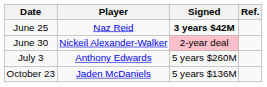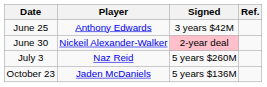 <table class="wikitable sortable sortable" style="text-align: center">
 <tr>
 <th>Date</th>
 <th>Player</th>
 <th>Signed</th>
 <th>Ref.</th>
 </tr>
 <tr>
 <td>June 25</td>
-<td><a href='#'>Naz Reid</a></td>
-<td><strong>3 years $42M</strong></td>
+<td><a href='#'>Anthony Edwards</a></td>
+<td>3 years $42M</td>
 <td></td>
 </tr>
 <tr>
 <td>June 30</td>
 <td><a href='#'>Nickeil Alexander-Walker</a></td>
 <td style="background: pink;">2-year deal</td>
 <td></td>
 </tr>
 <tr>
 <td>July 3</td>
-<td><a href='#'>Anthony Edwards</a></td>
+<td><a href='#'>Naz Reid</a></td>
 <td>5 years $260M</td>
 <td></td>
 </tr>
 <tr>
 <td>October 23</td>
 <td><a href='#'>Jaden McDaniels</a></td>
 <td>5 years $136M</td>
 <td></td>
 </tr>
 </table>
